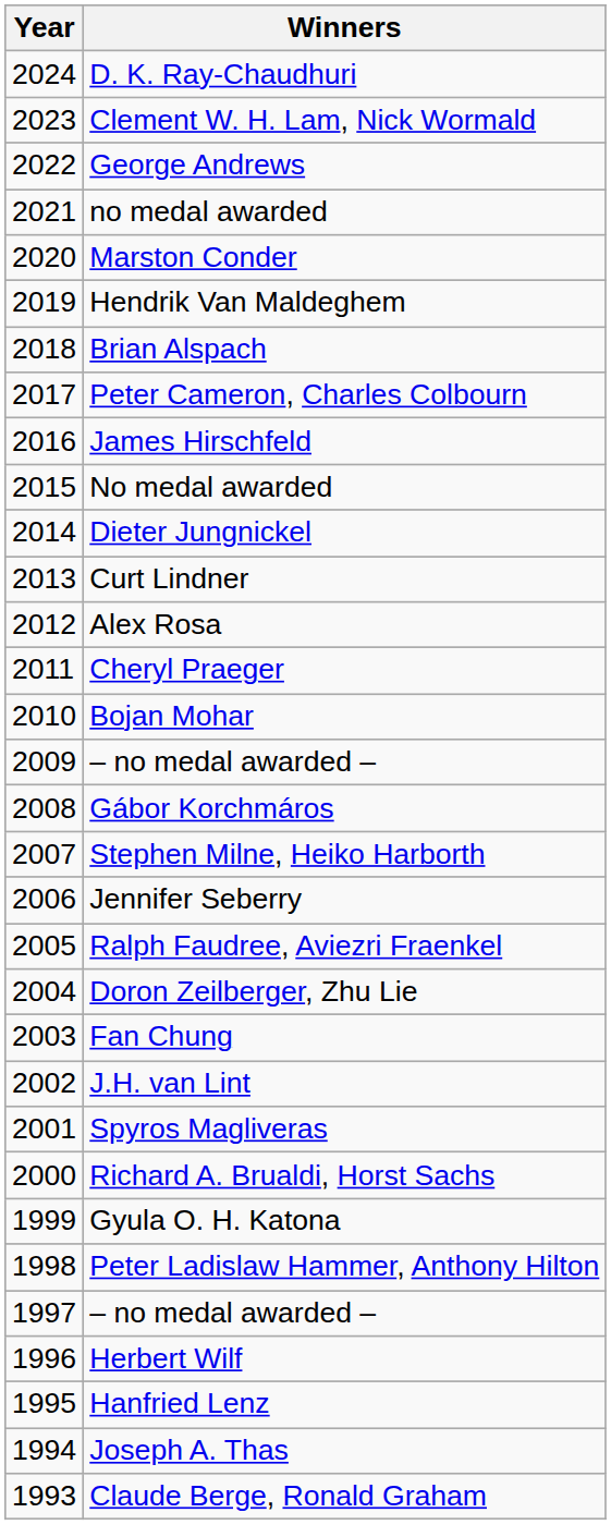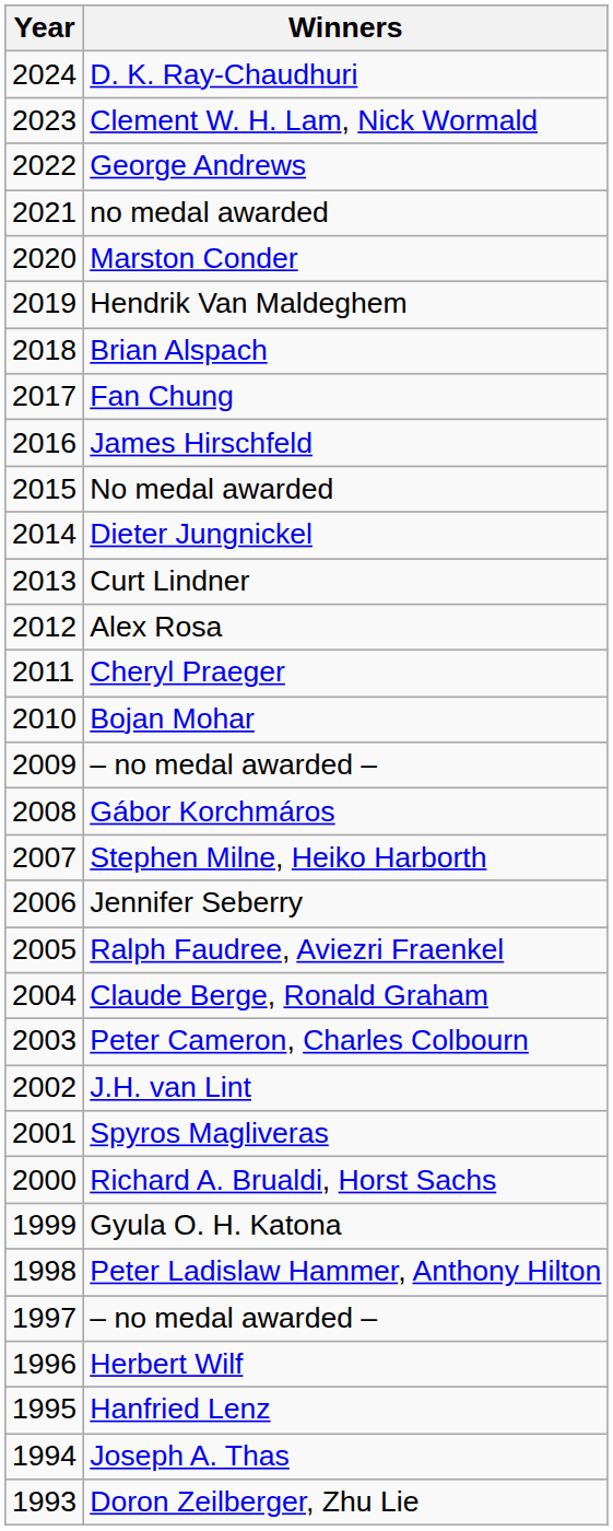 <table class="wikitable">
 <tr>
 <th>Year</th>
 <th>Winners</th>
 </tr>
 <tr>
 <td>2024</td>
 <td><a href='#'>D. K. Ray-Chaudhuri</a></td>
 </tr>
 <tr>
 <td>2023</td>
 <td><a href='#'>Clement W. H. Lam</a>, <a href='#'>Nick Wormald</a></td>
 </tr>
 <tr>
 <td>2022</td>
 <td><a href='#'>George Andrews</a></td>
 </tr>
 <tr>
 <td>2021</td>
 <td>no medal awarded</td>
 </tr>
 <tr>
 <td>2020</td>
 <td><a href='#'>Marston Conder</a></td>
 </tr>
 <tr>
 <td>2019</td>
 <td>Hendrik Van Maldeghem</td>
 </tr>
 <tr>
 <td>2018</td>
 <td><a href='#'>Brian Alspach</a></td>
 </tr>
 <tr>
 <td>2017</td>
-<td><a href='#'>Peter Cameron</a>, <a href='#'>Charles Colbourn</a></td>
+<td><a href='#'>Fan Chung</a></td>
 </tr>
 <tr>
 <td>2016</td>
 <td><a href='#'>James Hirschfeld</a></td>
 </tr>
 <tr>
 <td>2015</td>
 <td>No medal awarded</td>
 </tr>
 <tr>
 <td>2014</td>
 <td><a href='#'>Dieter Jungnickel</a></td>
 </tr>
 <tr>
 <td>2013</td>
 <td>Curt Lindner</td>
 </tr>
 <tr>
 <td>2012</td>
 <td>Alex Rosa</td>
 </tr>
 <tr>
 <td>2011</td>
 <td><a href='#'>Cheryl Praeger</a></td>
 </tr>
 <tr>
 <td>2010</td>
 <td><a href='#'>Bojan Mohar</a></td>
 </tr>
 <tr>
 <td>2009</td>
 <td>– no medal awarded –</td>
 </tr>
 <tr>
 <td>2008</td>
 <td><a href='#'>Gábor Korchmáros</a></td>
 </tr>
 <tr>
 <td>2007</td>
 <td><a href='#'>Stephen Milne</a>, <a href='#'>Heiko Harborth</a></td>
 </tr>
 <tr>
 <td>2006</td>
 <td>Jennifer Seberry</td>
 </tr>
 <tr>
 <td>2005</td>
 <td><a href='#'>Ralph Faudree</a>, <a href='#'>Aviezri Fraenkel</a></td>
 </tr>
 <tr>
 <td>2004</td>
-<td><a href='#'>Doron Zeilberger</a>, Zhu Lie</td>
+<td><a href='#'>Claude Berge</a>, <a href='#'>Ronald Graham</a></td>
 </tr>
 <tr>
 <td>2003</td>
-<td><a href='#'>Fan Chung</a></td>
+<td><a href='#'>Peter Cameron</a>, <a href='#'>Charles Colbourn</a></td>
 </tr>
 <tr>
 <td>2002</td>
 <td><a href='#'>J.H. van Lint</a></td>
 </tr>
 <tr>
 <td>2001</td>
 <td><a href='#'>Spyros Magliveras</a></td>
 </tr>
 <tr>
 <td>2000</td>
 <td><a href='#'>Richard A. Brualdi</a>, <a href='#'>Horst Sachs</a></td>
 </tr>
 <tr>
 <td>1999</td>
 <td>Gyula O. H. Katona</td>
 </tr>
 <tr>
 <td>1998</td>
 <td><a href='#'>Peter Ladislaw Hammer</a>, <a href='#'>Anthony Hilton</a></td>
 </tr>
 <tr>
 <td>1997</td>
 <td>– no medal awarded –</td>
 </tr>
 <tr>
 <td>1996</td>
 <td><a href='#'>Herbert Wilf</a></td>
 </tr>
 <tr>
 <td>1995</td>
 <td><a href='#'>Hanfried Lenz</a></td>
 </tr>
 <tr>
 <td>1994</td>
 <td><a href='#'>Joseph A. Thas</a></td>
 </tr>
 <tr>
 <td>1993</td>
-<td><a href='#'>Claude Berge</a>, <a href='#'>Ronald Graham</a></td>
+<td><a href='#'>Doron Zeilberger</a>, Zhu Lie</td>
 </tr>
 </table>
